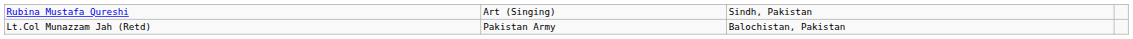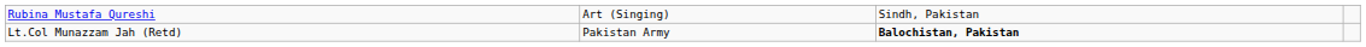 <table class="wikitable plainrowheaders" style="width:100%">
 <tr>
 <td><a href='#'>Rubina Mustafa Qureshi</a></td>
 <td>Art (Singing)</td>
 <td>Sindh, Pakistan</td>
 </tr>
 <tr>
 <td>Lt.Col Munazzam Jah (Retd)</td>
 <td>Pakistan Army</td>
-<td>Balochistan, Pakistan</td>
+<td><strong>Balochistan, Pakistan</strong></td>
 <td></td>
 </tr>
 </table>
